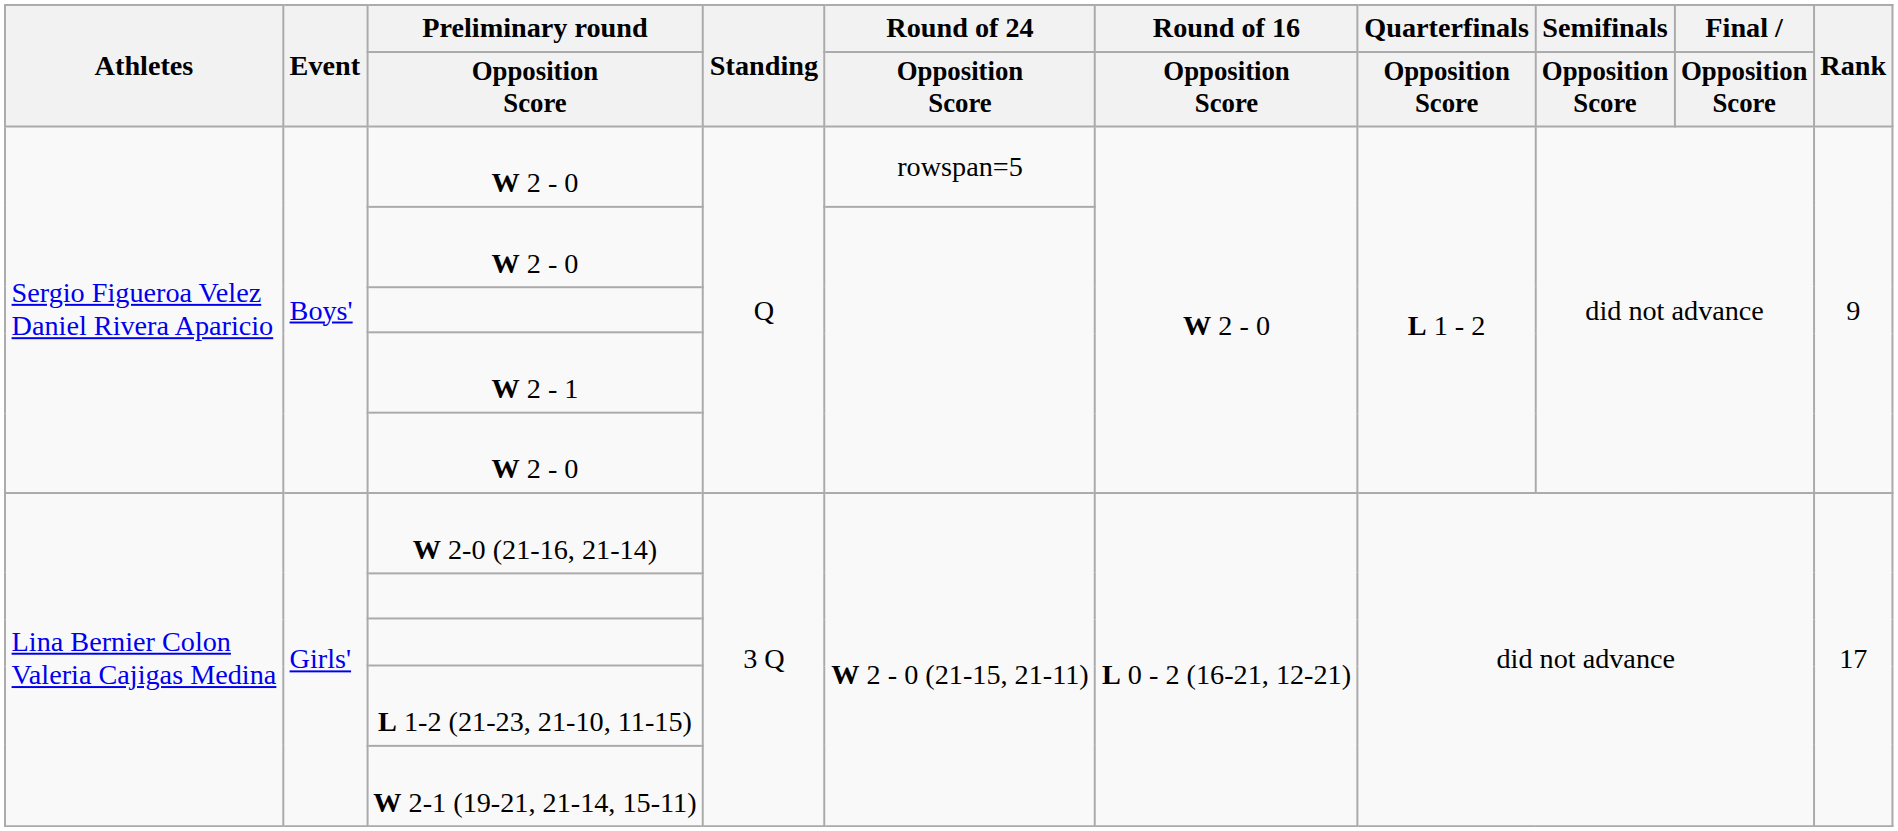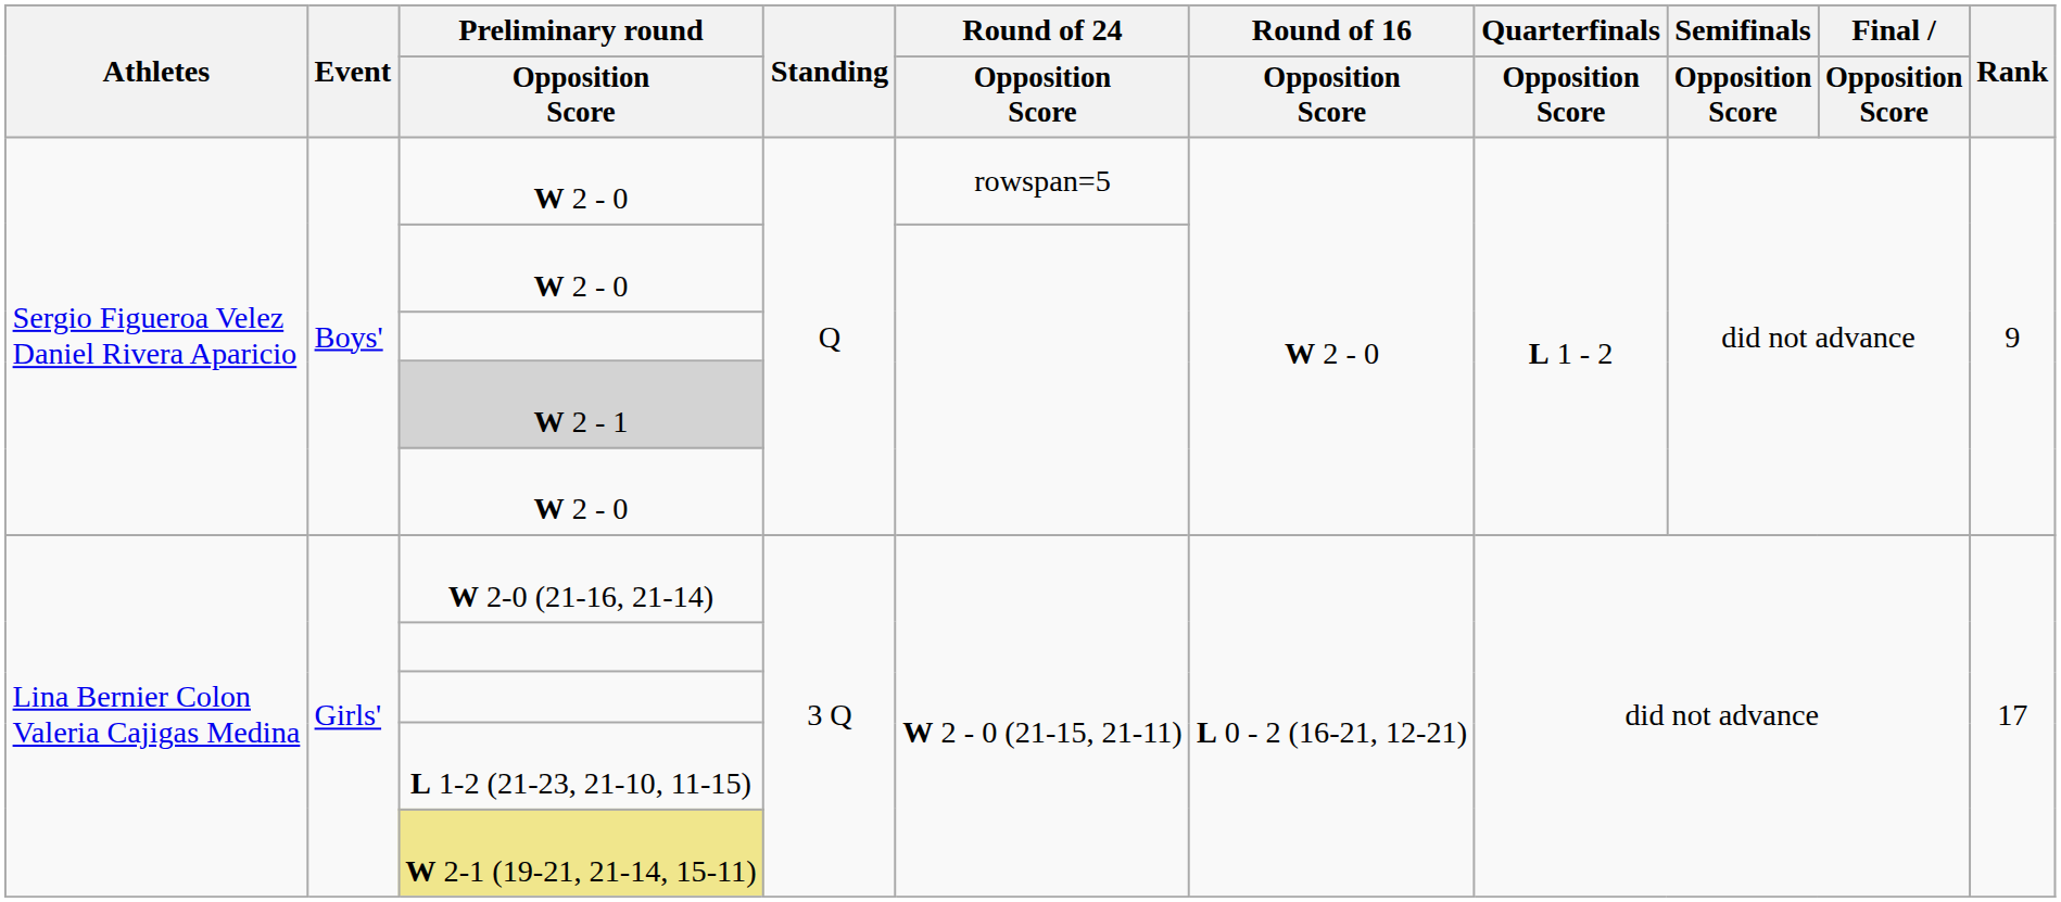 <table class=wikitable style="font-size:90%">
 <tr>
 <th rowspan="2">Athletes</th>
 <th rowspan="2">Event</th>
 <th>Preliminary round</th>
 <th rowspan="2">Standing</th>
 <th>Round of 24</th>
 <th>Round of 16</th>
 <th>Quarterfinals</th>
 <th>Semifinals</th>
 <th>Final / </th>
 <th rowspan=2>Rank</th>
 </tr>
 <tr style="font-size:95%">
 <th>Opposition<br>Score</th>
 <th>Opposition<br>Score</th>
 <th>Opposition<br>Score</th>
 <th>Opposition<br>Score</th>
 <th>Opposition<br>Score</th>
 <th>Opposition<br>Score</th>
 </tr>
 <tr align=center>
 <td align=left rowspan=5><a href='#'>Sergio Figueroa Velez</a><br><a href='#'>Daniel Rivera Aparicio</a></td>
 <td align=left rowspan=5><a href='#'>Boys'</a></td>
 <td><br><strong>W</strong> 2 - 0</td>
 <td rowspan=5>Q</td>
 <td>rowspan=5 </td>
 <td rowspan=5><br><strong>W</strong> 2 - 0</td>
 <td rowspan=5><br><strong>L</strong> 1 - 2</td>
 <td rowspan=5 colspan=2>did not advance</td>
 <td rowspan=5>9</td>
 </tr>
 <tr align=center>
 <td><br><strong>W</strong> 2 - 0</td>
 </tr>
 <tr align=center>
 <td><br></td>
 </tr>
 <tr align=center>
-<td><br><strong>W</strong> 2 - 1</td>
+<td style="background: lightgrey;"><br><strong>W</strong> 2 - 1</td>
 </tr>
 <tr align=center>
 <td><br><strong>W</strong> 2 - 0</td>
 </tr>
 <tr align=center>
 <td align=left rowspan=5><a href='#'>Lina Bernier Colon</a><br><a href='#'>Valeria Cajigas Medina</a></td>
 <td align=left rowspan=5><a href='#'>Girls'</a></td>
 <td><br><strong>W</strong> 2-0 (21-16, 21-14)</td>
 <td rowspan=5>3 Q</td>
 <td rowspan=5><br><strong>W</strong> 2 - 0 (21-15, 21-11)</td>
 <td rowspan=5><br><strong>L</strong> 0 - 2 (16-21, 12-21)</td>
 <td rowspan=5 colspan=3>did not advance</td>
 <td rowspan=5>17</td>
 </tr>
 <tr align=center>
 <td><br></td>
 </tr>
 <tr align=center>
 <td><br></td>
 </tr>
 <tr align=center>
 <td><br><strong>L</strong> 1-2 (21-23, 21-10, 11-15)</td>
 </tr>
 <tr align=center>
-<td><br><strong>W</strong> 2-1 (19-21, 21-14, 15-11)</td>
+<td style="background: khaki;"><br><strong>W</strong> 2-1 (19-21, 21-14, 15-11)</td>
 </tr>
 </table>
